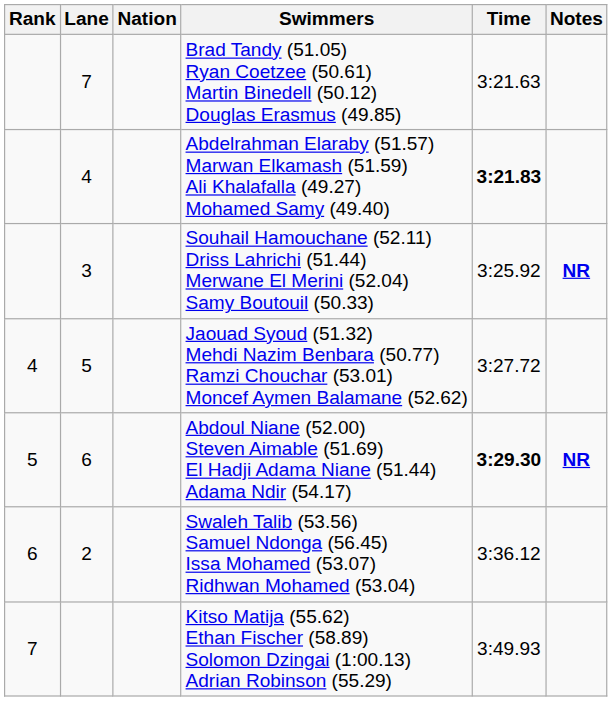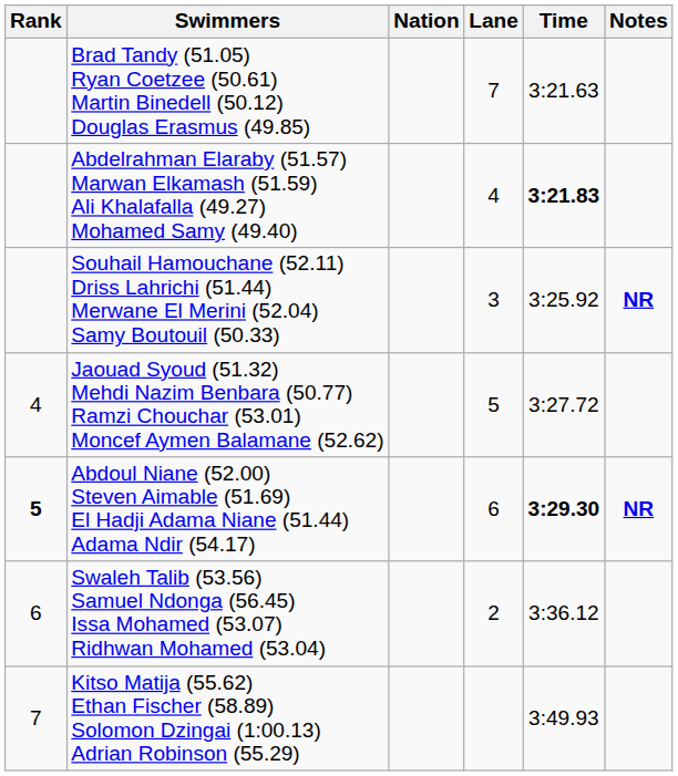 <table class="wikitable sortable" style="text-align:center">
 <tr>
 <th>Rank</th>
+<th>Swimmers</th>
+<th>Nation</th>
 <th>Lane</th>
-<th>Nation</th>
-<th>Swimmers</th>
 <th>Time</th>
 <th>Notes</th>
 </tr>
 <tr>
 <td></td>
+<td align=left><a href='#'>Brad Tandy</a> (51.05)<br><a href='#'>Ryan Coetzee</a> (50.61)<br><a href='#'>Martin Binedell</a> (50.12)<br><a href='#'>Douglas Erasmus</a> (49.85)</td>
+<td align=left></td>
 <td>7</td>
-<td align=left></td>
-<td align=left><a href='#'>Brad Tandy</a> (51.05)<br><a href='#'>Ryan Coetzee</a> (50.61)<br><a href='#'>Martin Binedell</a> (50.12)<br><a href='#'>Douglas Erasmus</a> (49.85)</td>
 <td>3:21.63</td>
 <td></td>
 </tr>
 <tr>
 <td></td>
+<td align=left><a href='#'>Abdelrahman Elaraby</a> (51.57)<br><a href='#'>Marwan Elkamash</a> (51.59)<br><a href='#'>Ali Khalafalla</a> (49.27)<br><a href='#'>Mohamed Samy</a> (49.40)</td>
+<td align=left></td>
 <td>4</td>
-<td align=left></td>
-<td align=left><a href='#'>Abdelrahman Elaraby</a> (51.57)<br><a href='#'>Marwan Elkamash</a> (51.59)<br><a href='#'>Ali Khalafalla</a> (49.27)<br><a href='#'>Mohamed Samy</a> (49.40)</td>
 <td><strong>3:21.83</strong></td>
 <td></td>
 </tr>
 <tr>
 <td></td>
+<td align=left><a href='#'>Souhail Hamouchane</a> (52.11)<br><a href='#'>Driss Lahrichi</a> (51.44)<br><a href='#'>Merwane El Merini</a> (52.04)<br><a href='#'>Samy Boutouil</a> (50.33)</td>
+<td align="left"></td>
 <td>3</td>
-<td align="left"></td>
-<td align=left><a href='#'>Souhail Hamouchane</a> (52.11)<br><a href='#'>Driss Lahrichi</a> (51.44)<br><a href='#'>Merwane El Merini</a> (52.04)<br><a href='#'>Samy Boutouil</a> (50.33)</td>
 <td>3:25.92</td>
 <td><strong><a href='#'>NR</a></strong></td>
 </tr>
 <tr>
 <td>4</td>
+<td align=left><a href='#'>Jaouad Syoud</a> (51.32)<br><a href='#'>Mehdi Nazim Benbara</a> (50.77)<br><a href='#'>Ramzi Chouchar</a> (53.01)<br><a href='#'>Moncef Aymen Balamane</a> (52.62)</td>
+<td align="left"></td>
 <td>5</td>
-<td align="left"></td>
-<td align=left><a href='#'>Jaouad Syoud</a> (51.32)<br><a href='#'>Mehdi Nazim Benbara</a> (50.77)<br><a href='#'>Ramzi Chouchar</a> (53.01)<br><a href='#'>Moncef Aymen Balamane</a> (52.62)</td>
 <td>3:27.72</td>
 <td></td>
 </tr>
 <tr>
-<td>5</td>
+<td><strong>5</strong></td>
+<td align=left><a href='#'>Abdoul Niane</a> (52.00)<br><a href='#'>Steven Aimable</a> (51.69)<br><a href='#'>El Hadji Adama Niane</a> (51.44)<br><a href='#'>Adama Ndir</a> (54.17)</td>
+<td align=left></td>
 <td>6</td>
-<td align=left></td>
-<td align=left><a href='#'>Abdoul Niane</a> (52.00)<br><a href='#'>Steven Aimable</a> (51.69)<br><a href='#'>El Hadji Adama Niane</a> (51.44)<br><a href='#'>Adama Ndir</a> (54.17)</td>
 <td><strong>3:29.30</strong></td>
 <td><strong><a href='#'>NR</a></strong></td>
 </tr>
 <tr>
 <td>6</td>
+<td align=left><a href='#'>Swaleh Talib</a> (53.56)<br><a href='#'>Samuel Ndonga</a> (56.45)<br><a href='#'>Issa Mohamed</a> (53.07)<br><a href='#'>Ridhwan Mohamed</a> (53.04)</td>
+<td align=left></td>
 <td>2</td>
-<td align=left></td>
-<td align=left><a href='#'>Swaleh Talib</a> (53.56)<br><a href='#'>Samuel Ndonga</a> (56.45)<br><a href='#'>Issa Mohamed</a> (53.07)<br><a href='#'>Ridhwan Mohamed</a> (53.04)</td>
 <td>3:36.12</td>
 <td></td>
 </tr>
 <tr>
 <td>7</td>
+<td align=left><a href='#'>Kitso Matija</a> (55.62)<br><a href='#'>Ethan Fischer</a> (58.89)<br><a href='#'>Solomon Dzingai</a> (1:00.13)<br><a href='#'>Adrian Robinson</a> (55.29)</td>
+<td align=left></td>
 <td></td>
-<td align=left></td>
-<td align=left><a href='#'>Kitso Matija</a> (55.62)<br><a href='#'>Ethan Fischer</a> (58.89)<br><a href='#'>Solomon Dzingai</a> (1:00.13)<br><a href='#'>Adrian Robinson</a> (55.29)</td>
 <td>3:49.93</td>
 <td></td>
 </tr>
 </table>
